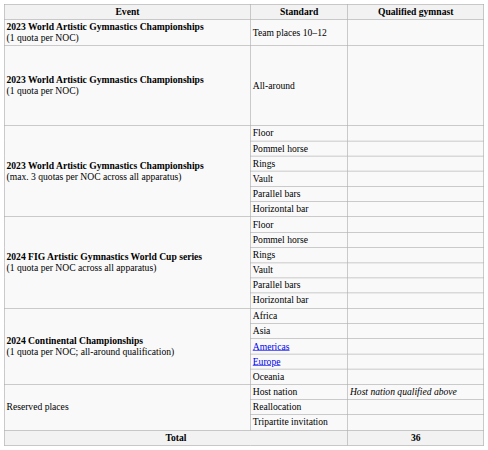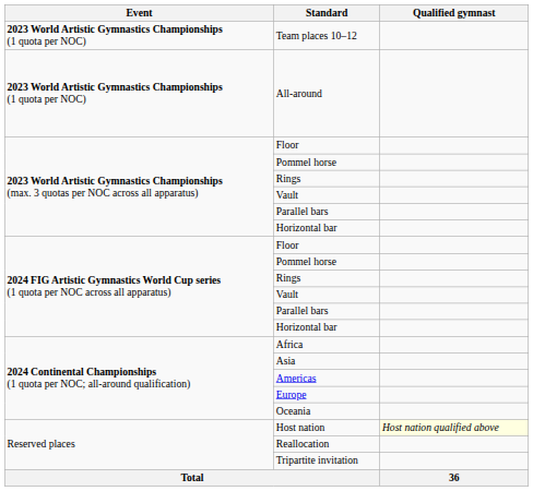 <table class="wikitable" style="width:800px;">
 <tr>
 <th>Event</th>
 <th>Standard</th>
 <th>Qualified gymnast</th>
 </tr>
 <tr>
 <td><strong>2023 World Artistic Gymnastics Championships</strong><br>(1 quota per NOC)</td>
 <td>Team places 10–12 <br> </td>
 <td><br><br></td>
 </tr>
 <tr>
 <td><strong>2023 World Artistic Gymnastics Championships</strong><br>(1 quota per NOC)</td>
 <td>All-around</td>
 <td><br><br><br><br><br><br><br></td>
 </tr>
 <tr>
 <td rowspan=6><strong>2023 World Artistic Gymnastics Championships</strong><br>(max. 3 quotas per NOC across all apparatus)</td>
 <td>Floor</td>
 <td></td>
 </tr>
 <tr>
 <td>Pommel horse</td>
 <td></td>
 </tr>
 <tr>
 <td>Rings</td>
 <td></td>
 </tr>
 <tr>
 <td>Vault</td>
 <td></td>
 </tr>
 <tr>
 <td>Parallel bars</td>
 <td></td>
 </tr>
 <tr>
 <td>Horizontal bar</td>
 <td></td>
 </tr>
 <tr>
 <td rowspan="6"><strong>2024 FIG Artistic Gymnastics World Cup series</strong><br>(1 quota per NOC across all apparatus)</td>
 <td>Floor</td>
 <td><br></td>
 </tr>
 <tr>
 <td>Pommel horse</td>
 <td><br></td>
 </tr>
 <tr>
 <td>Rings</td>
 <td><br></td>
 </tr>
 <tr>
 <td>Vault</td>
 <td><br></td>
 </tr>
 <tr>
 <td>Parallel bars</td>
 <td><br></td>
 </tr>
 <tr>
 <td>Horizontal bar</td>
 <td><br></td>
 </tr>
 <tr>
 <td rowspan="5"><strong>2024 Continental Championships</strong><br>(1 quota per NOC; all-around qualification)</td>
 <td>Africa</td>
 <td></td>
 </tr>
 <tr>
 <td>Asia</td>
 <td></td>
 </tr>
 <tr>
 <td><a href='#'>Americas</a></td>
 <td></td>
 </tr>
 <tr>
 <td><a href='#'>Europe</a></td>
 <td></td>
 </tr>
 <tr>
 <td>Oceania</td>
 <td></td>
 </tr>
 <tr>
 <td rowspan=3>Reserved places</td>
 <td>Host nation</td>
-<td><em>Host nation qualified above</em></td>
+<td style="background: lightyellow;"><em>Host nation qualified above</em></td>
 </tr>
 <tr>
 <td>Reallocation</td>
 <td></td>
 </tr>
 <tr>
 <td>Tripartite invitation</td>
 <td></td>
 </tr>
 <tr>
 <th colspan="2">Total</th>
 <th>36</th>
 </tr>
 </table>
